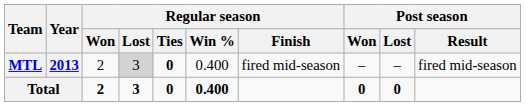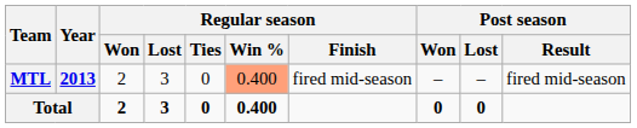 <table class="wikitable" style="font-size: 95%; text-align:center;">
 <tr>
 <th rowspan="2">Team</th>
 <th rowspan="2">Year</th>
 <th colspan="5">Regular season</th>
 <th colspan="4">Post season</th>
 </tr>
 <tr>
 <th>Won</th>
 <th>Lost</th>
 <th>Ties</th>
 <th>Win %</th>
 <th>Finish</th>
 <th>Won</th>
 <th>Lost</th>
 <th>Result</th>
 </tr>
 <tr>
 <th><a href='#'>MTL</a></th>
 <th><a href='#'>2013</a></th>
 <td>2</td>
-<td style="background: lightgrey;">3</td>
-<td><strong>0</strong></td>
-<td>0.400</td>
+<td>3</td>
+<td>0</td>
+<td style="background: lightsalmon;">0.400</td>
 <td>fired mid-season</td>
 <td>–</td>
 <td>–</td>
 <td>fired mid-season</td>
 </tr>
 <tr>
 <th colspan="2"><strong>Total</strong></th>
 <td><strong>2</strong></td>
 <td><strong>3</strong></td>
 <td><strong>0</strong></td>
 <td><strong>0.400</strong></td>
 <td></td>
 <td><strong>0</strong></td>
 <td><strong>0</strong></td>
 <td></td>
 </tr>
 </table>
